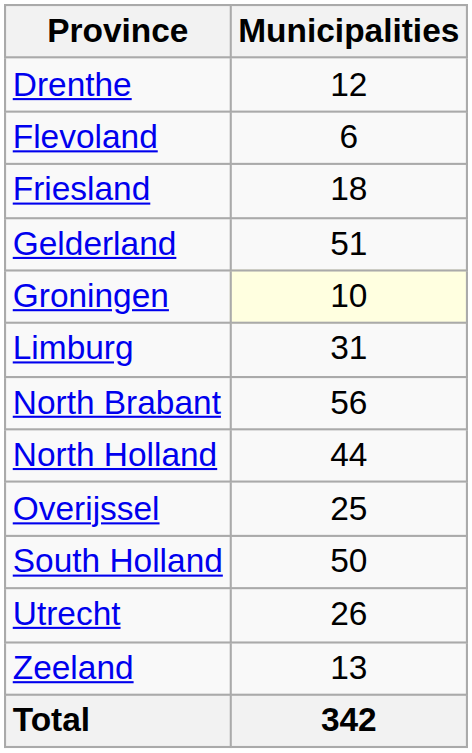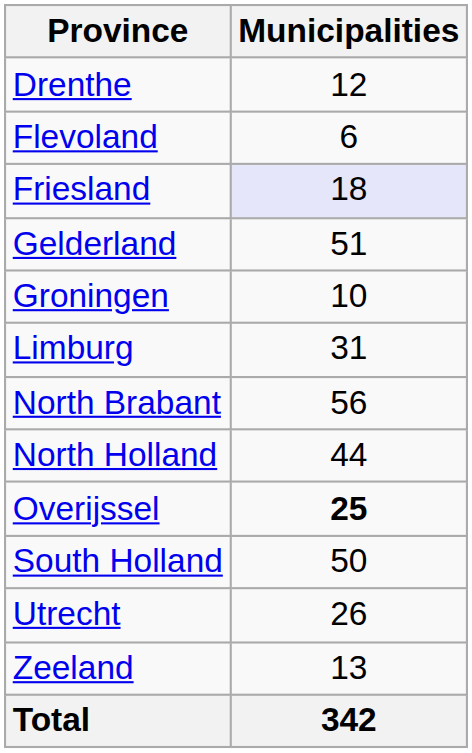 <table class="wikitable sortable">
 <tr>
 <th>Province</th>
 <th>Municipalities</th>
 </tr>
 <tr>
 <td><a href='#'>Drenthe</a></td>
 <td align="center">12</td>
 </tr>
 <tr>
 <td><a href='#'>Flevoland</a></td>
 <td align="center">6</td>
 </tr>
 <tr>
 <td><a href='#'>Friesland</a></td>
-<td align="center">18</td>
+<td align="center" style="background: lavender;">18</td>
 </tr>
 <tr>
 <td><a href='#'>Gelderland</a></td>
 <td align="center">51</td>
 </tr>
 <tr>
 <td><a href='#'>Groningen</a></td>
-<td align="center" style="background: lightyellow;">10</td>
+<td align="center">10</td>
 </tr>
 <tr>
 <td><a href='#'>Limburg</a></td>
 <td align="center">31</td>
 </tr>
 <tr>
 <td><a href='#'>North Brabant</a></td>
 <td align="center">56</td>
 </tr>
 <tr>
 <td><a href='#'>North Holland</a></td>
 <td align="center">44</td>
 </tr>
 <tr>
 <td><a href='#'>Overijssel</a></td>
-<td align="center">25</td>
+<td align="center"><strong>25</strong></td>
 </tr>
 <tr>
 <td><a href='#'>South Holland</a></td>
 <td align="center">50</td>
 </tr>
 <tr>
 <td><a href='#'>Utrecht</a></td>
 <td align="center">26</td>
 </tr>
 <tr>
 <td><a href='#'>Zeeland</a></td>
 <td align="center">13</td>
 </tr>
 <tr>
 <th style="text-align:left">Total</th>
 <th style="text-align:center">342</th>
 </tr>
 </table>
